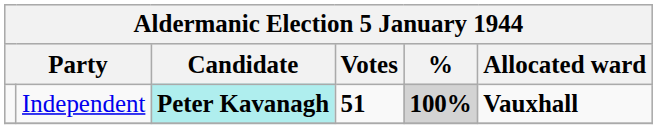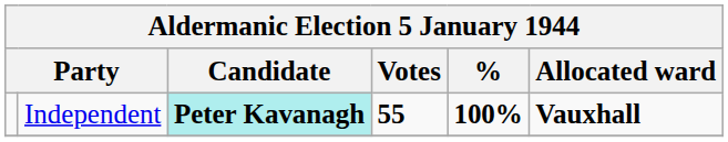 <table class="wikitable">
 <tr>
 <th colspan="6"><strong>Aldermanic Election 5 January 1944</strong></th>
 </tr>
 <tr>
 <th colspan="2">Party</th>
 <th>Candidate</th>
 <th>Votes</th>
 <th>%</th>
 <th>Allocated ward</th>
 </tr>
 <tr>
 <td style="background-color:"></td>
 <td><a href='#'>Independent</a></td>
 <td style="background: paleturquoise;"><strong>Peter Kavanagh</strong></td>
-<td><strong>51</strong></td>
-<td style="background: lightgrey;"><strong>100%</strong></td>
+<td><strong>55</strong></td>
+<td><strong>100%</strong></td>
 <td><strong>Vauxhall</strong></td>
 </tr>
 <tr>
 </tr>
 </table>
